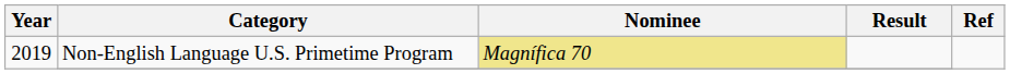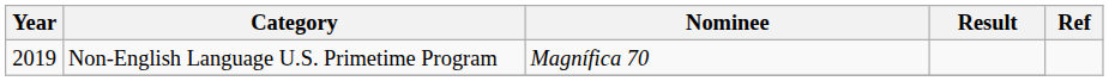 <table class="wikitable sortable plainrowheaders">
 <tr>
 <th scope="col" width="5%">Year</th>
 <th scope="col" width="40%">Category</th>
 <th scope="col" width="35%">Nominee</th>
 <th scope="col" width="10%">Result</th>
 <th scope="col" width="5%">Ref</th>
 </tr>
 <tr>
 <td rowspan=12, style="text-align:center;">2019</td>
 <td>Non-English Language U.S. Primetime Program</td>
-<td style="background: khaki;"><em>Magnífica 70</em></td>
+<td><em>Magnífica 70</em></td>
 <td></td>
 <td align="center" rowspan="12"></td>
 </tr>
 <tr>
 </tr>
 </table>
